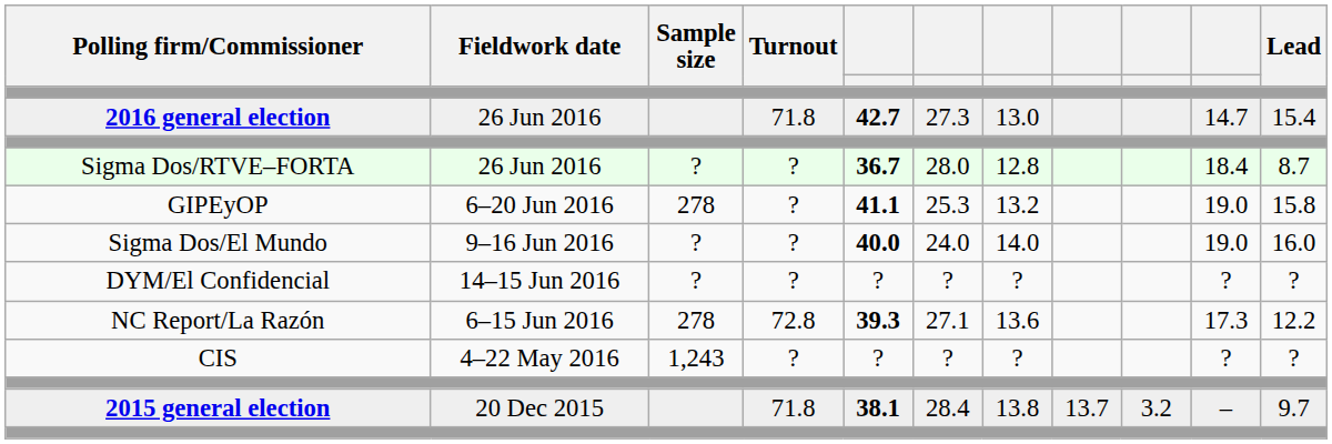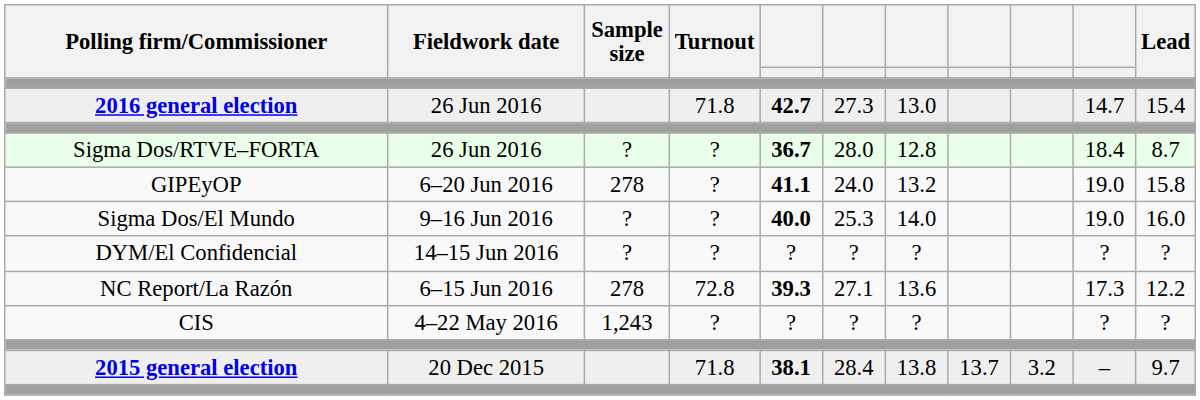 <table class="wikitable collapsible collapsed" style="text-align:center; font-size:95%; line-height:16px;">
 <tr style="height:42px; background-color:#E9E9E9">
 <th style="width:250px;" rowspan="2">Polling firm/Commissioner</th>
 <th style="width:125px;" rowspan="2">Fieldwork date</th>
 <th style="width:50px;" rowspan="2">Sample size</th>
 <th style="width:45px;" rowspan="2">Turnout</th>
 <th style="width:35px;"></th>
 <th style="width:35px;"></th>
 <th style="width:35px;"></th>
 <th style="width:35px;"></th>
 <th style="width:35px;"></th>
 <th style="width:35px;"></th>
 <th style="width:30px;" rowspan="2">Lead</th>
 </tr>
 <tr>
 <th style="color:inherit;background:"></th>
 <th style="color:inherit;background:"></th>
 <th style="color:inherit;background:"></th>
 <th style="color:inherit;background:"></th>
 <th style="color:inherit;background:"></th>
 <th style="color:inherit;background:"></th>
 </tr>
 <tr>
 <td colspan="11" style="background:#A0A0A0"></td>
 </tr>
 <tr style="background:#EFEFEF;">
 <td><strong><a href='#'>2016 general election</a></strong></td>
 <td>26 Jun 2016</td>
 <td></td>
 <td>71.8</td>
 <td><strong>42.7</strong><br></td>
 <td>27.3<br></td>
 <td>13.0<br></td>
 <td></td>
 <td></td>
 <td>14.7<br></td>
 <td style="background:">15.4</td>
 </tr>
 <tr>
 <td colspan="11" style="background:#A0A0A0"></td>
 </tr>
 <tr style="background:#EAFFEA;">
 <td>Sigma Dos/RTVE–FORTA</td>
 <td>26 Jun 2016</td>
 <td>?</td>
 <td>?</td>
 <td><strong>36.7</strong><br></td>
 <td>28.0<br></td>
 <td>12.8<br></td>
 <td></td>
 <td></td>
 <td>18.4<br></td>
 <td style="background:">8.7</td>
 </tr>
 <tr>
 <td>GIPEyOP</td>
 <td>6–20 Jun 2016</td>
 <td>278</td>
 <td>?</td>
 <td><strong>41.1</strong><br></td>
-<td>25.3<br></td>
+<td>24.0<br></td>
 <td>13.2<br></td>
 <td></td>
 <td></td>
 <td>19.0<br></td>
 <td style="background:">15.8</td>
 </tr>
 <tr>
 <td>Sigma Dos/El Mundo</td>
 <td>9–16 Jun 2016</td>
 <td>?</td>
 <td>?</td>
 <td><strong>40.0</strong><br></td>
-<td>24.0<br></td>
+<td>25.3<br></td>
 <td>14.0<br></td>
 <td></td>
 <td></td>
 <td>19.0<br></td>
 <td style="background:">16.0</td>
 </tr>
 <tr>
 <td>DYM/El Confidencial</td>
 <td>14–15 Jun 2016</td>
 <td>?</td>
 <td>?</td>
 <td>?<br></td>
 <td>?<br></td>
 <td>?<br></td>
 <td></td>
 <td></td>
 <td>?<br></td>
 <td style="background:">?</td>
 </tr>
 <tr>
 <td>NC Report/La Razón</td>
 <td>6–15 Jun 2016</td>
 <td>278</td>
 <td>72.8</td>
 <td><strong>39.3</strong><br></td>
 <td>27.1<br></td>
 <td>13.6<br></td>
 <td></td>
 <td></td>
 <td>17.3<br></td>
 <td style="background:">12.2</td>
 </tr>
 <tr>
 <td>CIS</td>
 <td>4–22 May 2016</td>
 <td>1,243</td>
 <td>?</td>
 <td>?<br></td>
 <td>?<br></td>
 <td>?<br></td>
 <td></td>
 <td></td>
 <td>?<br></td>
 <td style="background:">?</td>
 </tr>
 <tr>
 <td colspan="11" style="background:#A0A0A0"></td>
 </tr>
 <tr style="background:#EFEFEF;">
 <td><strong><a href='#'>2015 general election</a></strong></td>
 <td>20 Dec 2015</td>
 <td></td>
 <td>71.8</td>
 <td><strong>38.1</strong><br></td>
 <td>28.4<br></td>
 <td>13.8<br></td>
 <td>13.7<br></td>
 <td>3.2<br></td>
 <td>–</td>
 <td style="background:">9.7</td>
 </tr>
 <tr>
 <td colspan="11" style="background:#A0A0A0"></td>
 </tr>
 </table>
